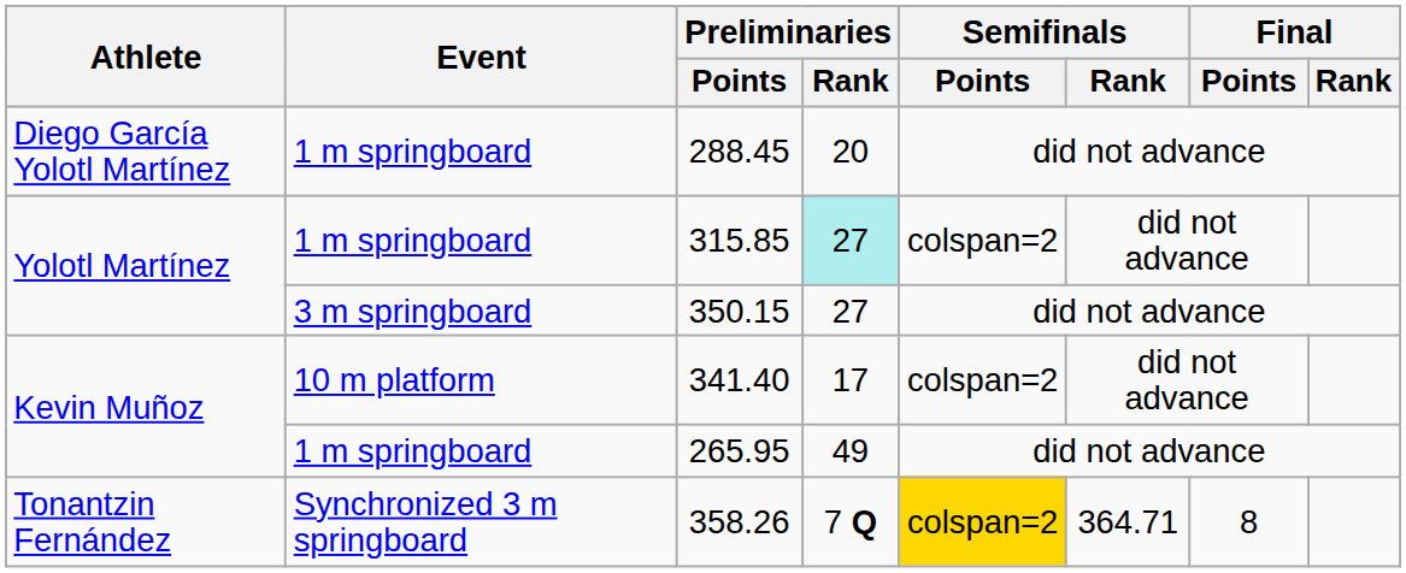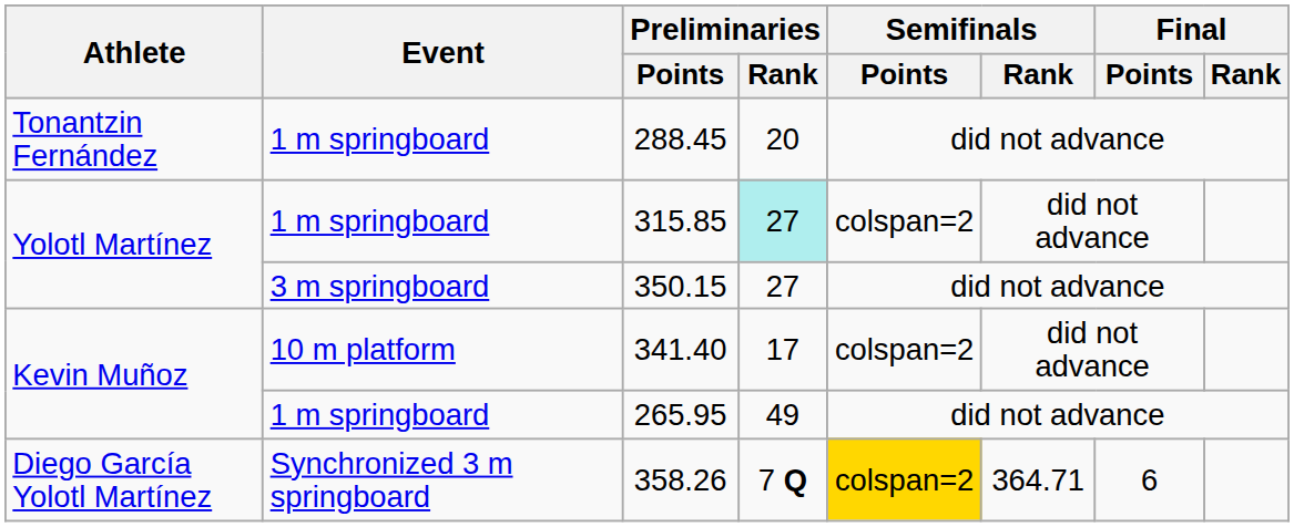 <table class="wikitable" style="text-align:center; font-size:90%">
 <tr>
 <th rowspan="2">Athlete</th>
 <th rowspan="2">Event</th>
 <th colspan="2">Preliminaries</th>
 <th colspan="2">Semifinals</th>
 <th colspan="2">Final</th>
 </tr>
 <tr style="font-size:95%">
 <th>Points</th>
 <th>Rank</th>
 <th>Points</th>
 <th>Rank</th>
 <th>Points</th>
 <th>Rank</th>
 </tr>
 <tr>
-<td align=left><a href='#'>Diego García</a><br><a href='#'>Yolotl Martínez</a></td>
+<td align=left><a href='#'>Tonantzin Fernández</a></td>
 <td align=left><a href='#'>1 m springboard</a></td>
 <td>288.45</td>
 <td>20</td>
 <td colspan=4>did not advance</td>
 </tr>
 <tr>
 <td align=left rowspan=2><a href='#'>Yolotl Martínez</a></td>
 <td align=left><a href='#'>1 m springboard</a></td>
 <td>315.85</td>
 <td style="background: paleturquoise;">27</td>
 <td>colspan=2 </td>
 <td colspan=2>did not advance</td>
 </tr>
 <tr>
 <td align=left><a href='#'>3 m springboard</a></td>
 <td>350.15</td>
 <td>27</td>
 <td colspan=4>did not advance</td>
 </tr>
 <tr>
 <td align=left rowspan=2><a href='#'>Kevin Muñoz</a></td>
 <td align=left><a href='#'>10 m platform</a></td>
 <td>341.40</td>
 <td>17</td>
 <td>colspan=2 </td>
 <td colspan=2>did not advance</td>
 </tr>
 <tr>
 <td align=left><a href='#'>1 m springboard</a></td>
 <td>265.95</td>
 <td>49</td>
 <td colspan=4>did not advance</td>
 </tr>
 <tr>
-<td align=left><a href='#'>Tonantzin Fernández</a></td>
+<td align=left><a href='#'>Diego García</a><br><a href='#'>Yolotl Martínez</a></td>
 <td align=left><a href='#'>Synchronized 3 m springboard</a></td>
 <td>358.26</td>
 <td>7 <strong>Q</strong></td>
 <td style="background: gold;">colspan=2 </td>
 <td>364.71</td>
-<td>8</td>
+<td>6</td>
 </tr>
 </table>
